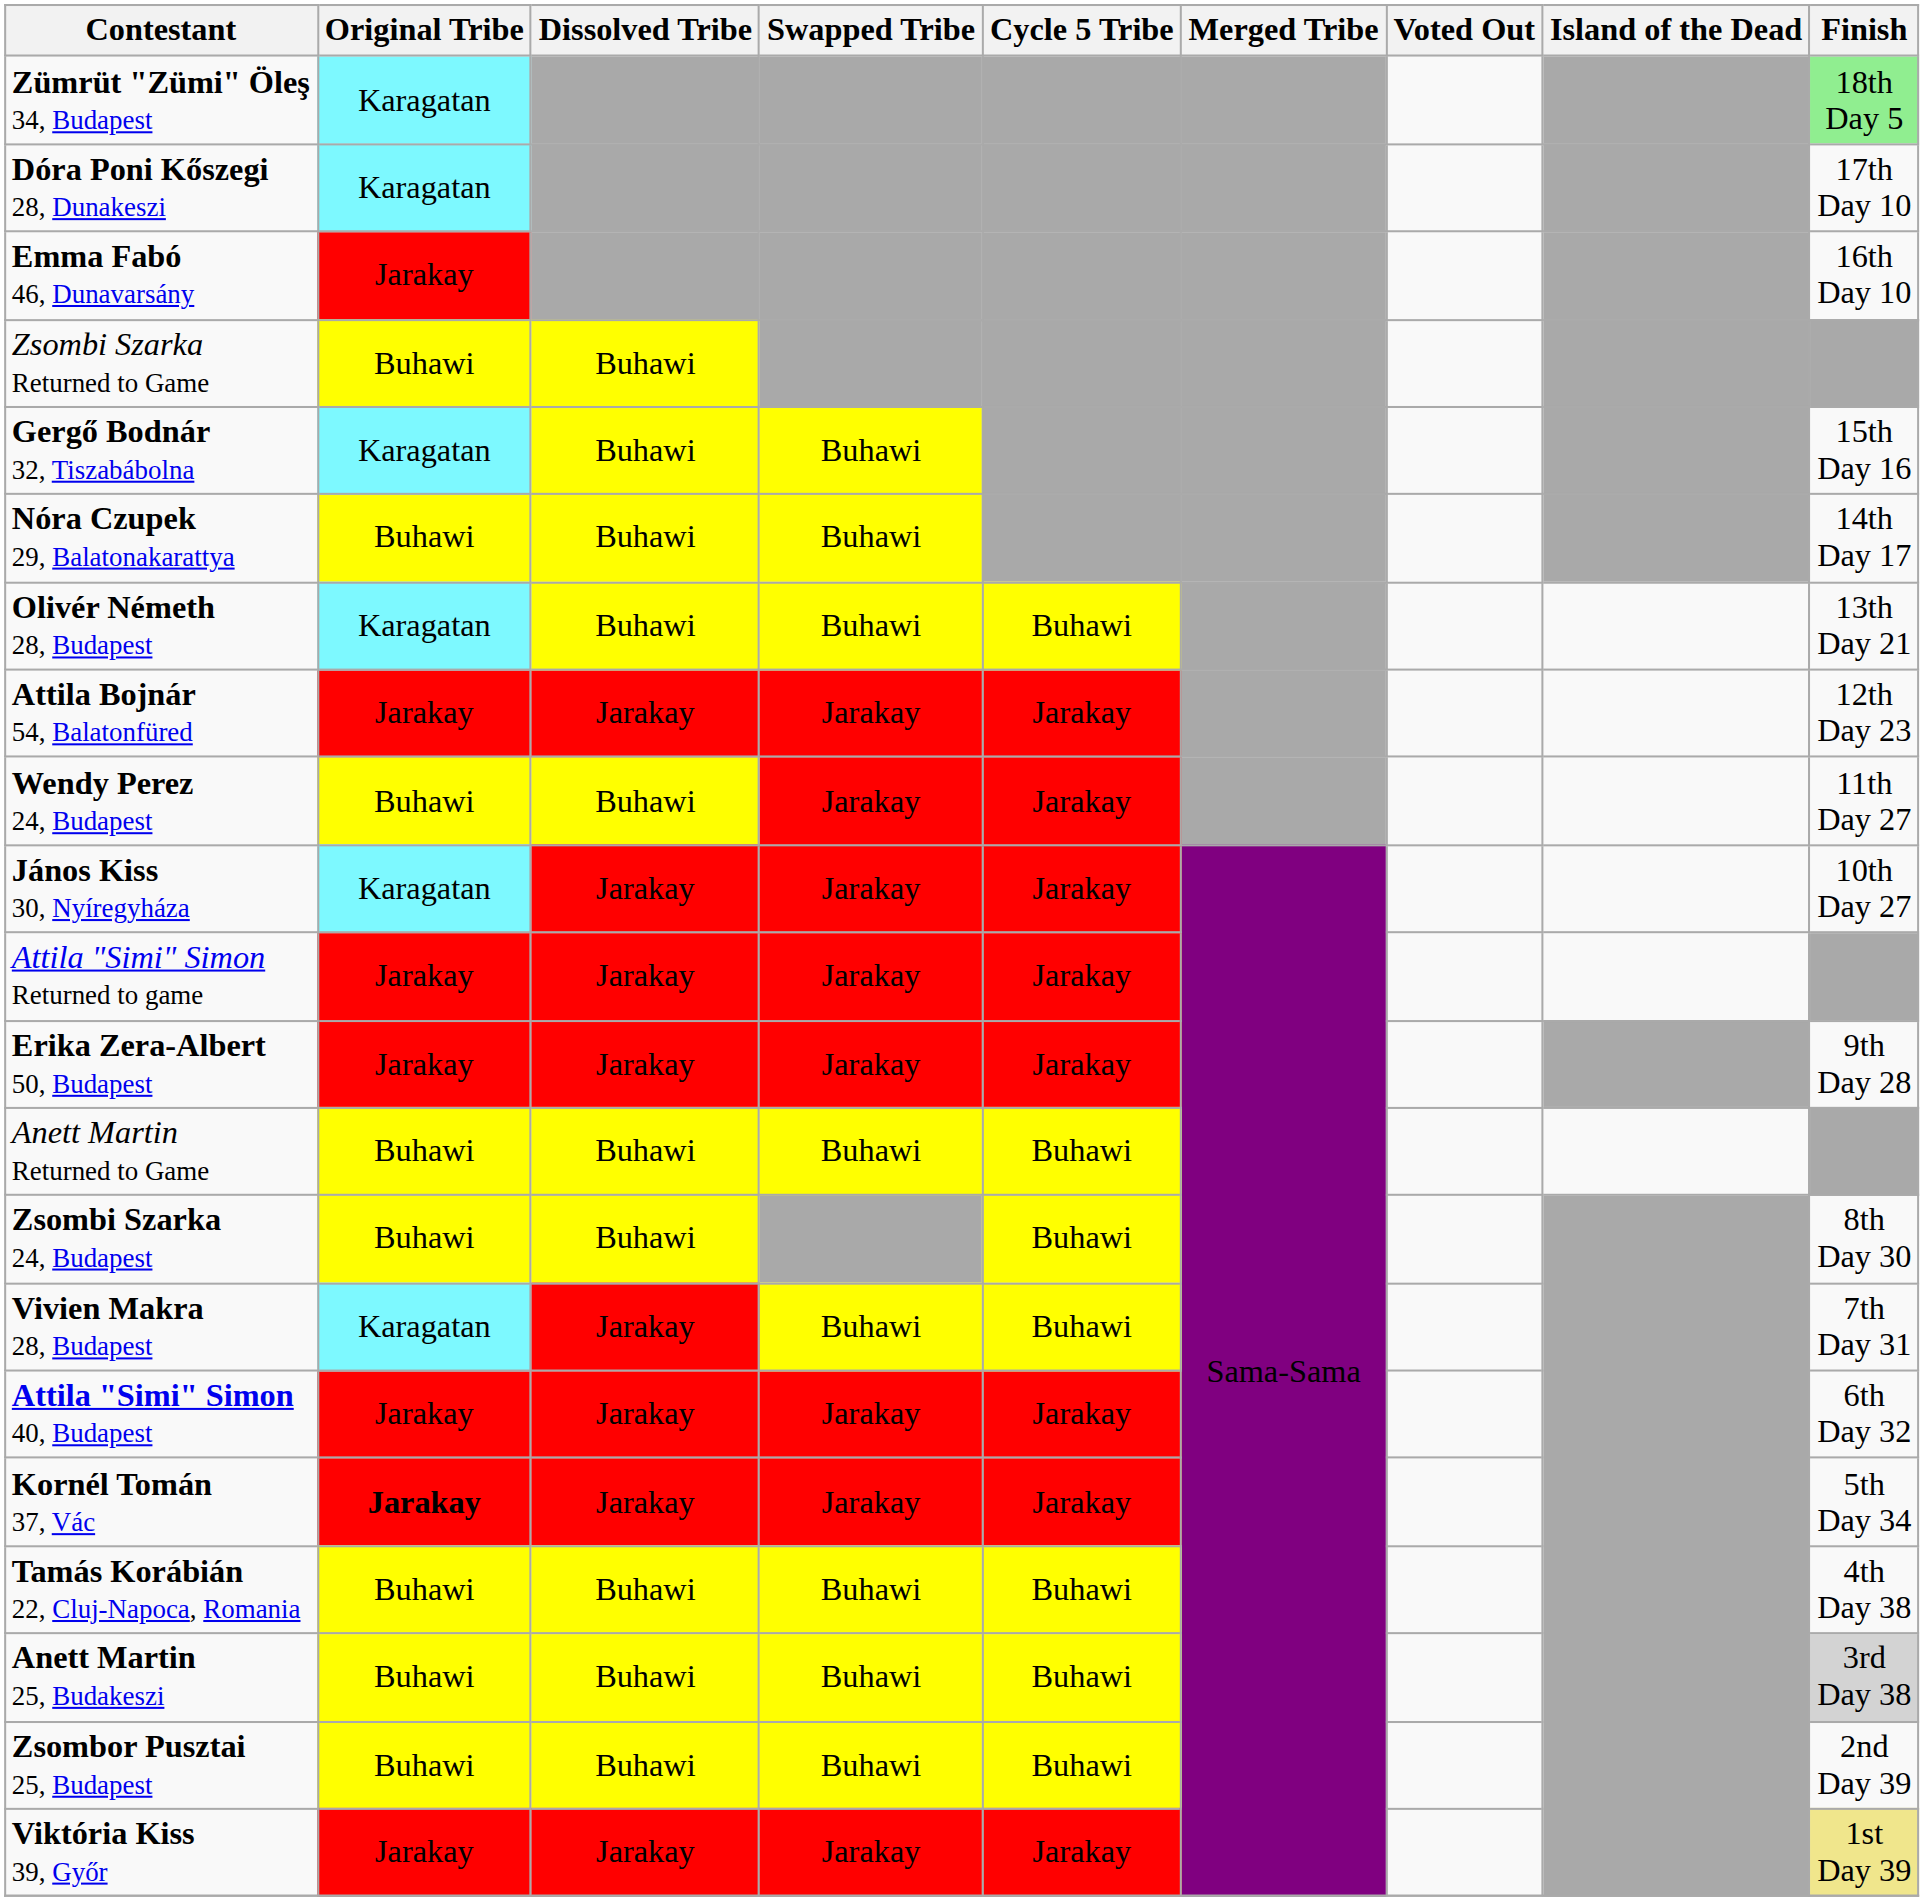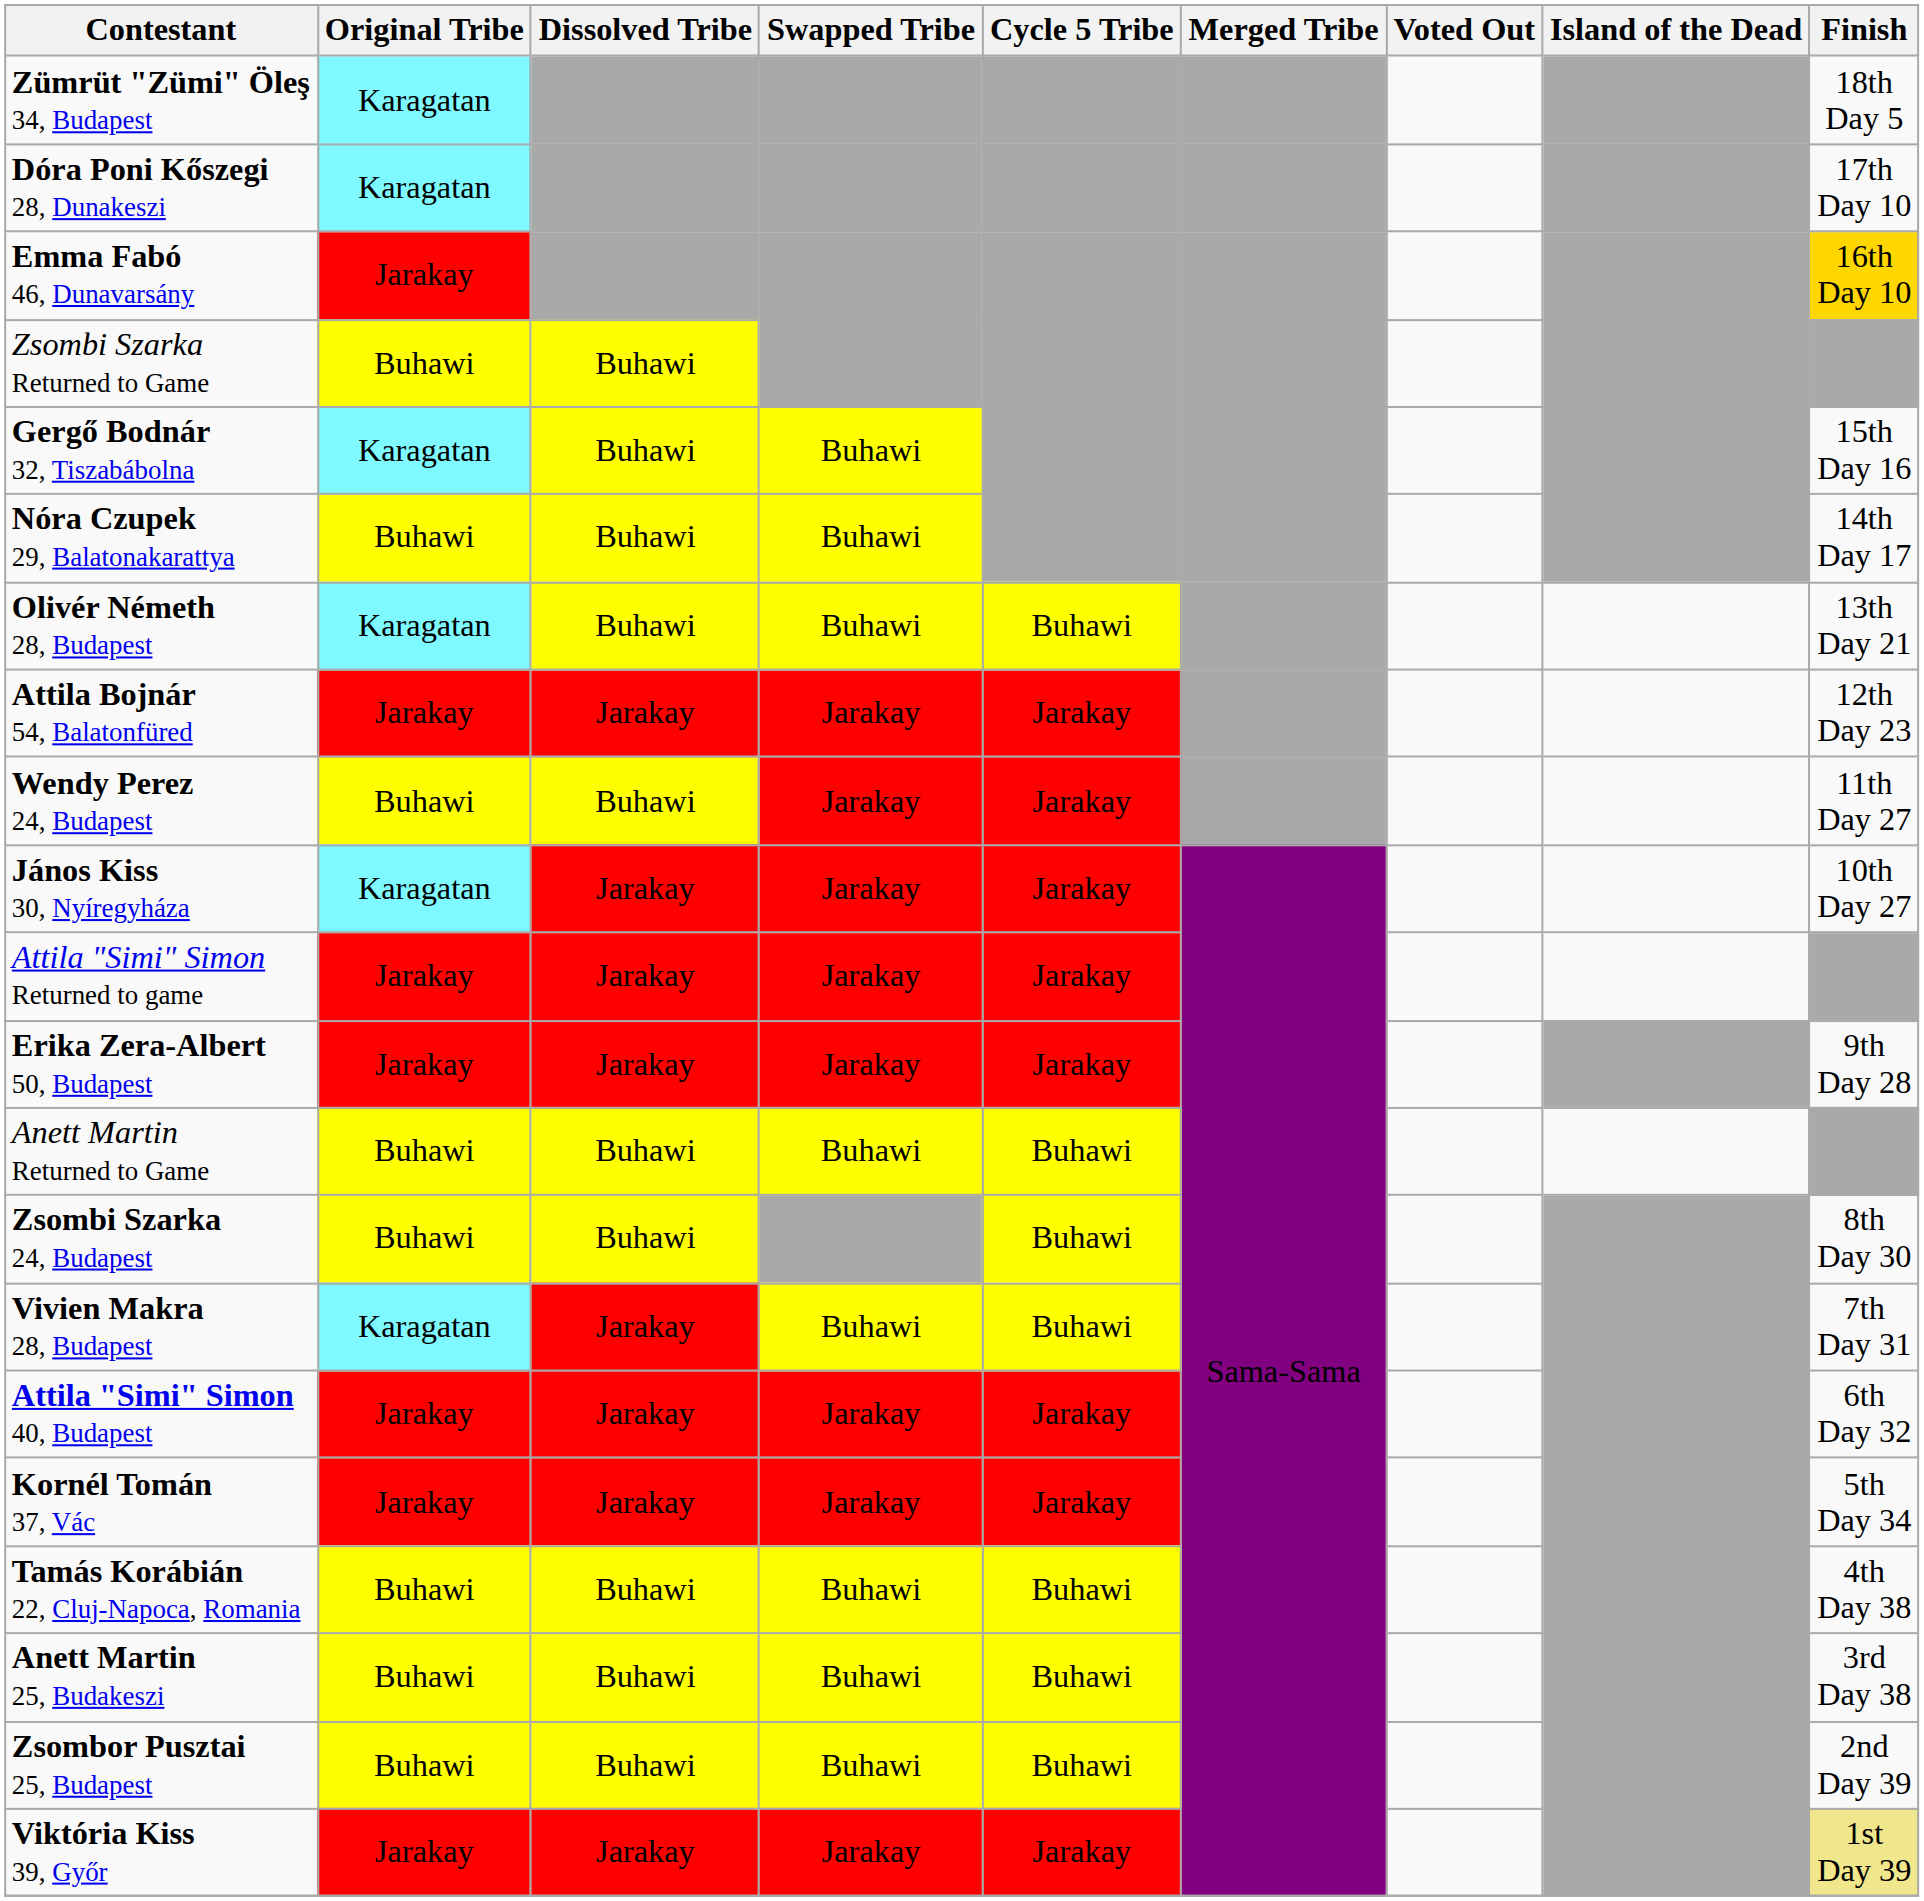 <table class="wikitable sortable" style="margin:auto; text-align:center">
 <tr>
 <th>Contestant</th>
 <th>Original Tribe</th>
 <th>Dissolved Tribe</th>
 <th>Swapped Tribe</th>
 <th>Cycle 5 Tribe</th>
 <th>Merged Tribe</th>
 <th>Voted Out</th>
 <th>Island of the Dead</th>
 <th>Finish</th>
 </tr>
 <tr>
 <td align="left"><strong>Zümrüt "Zümi" Öleş</strong><br><small>34, <a href='#'>Budapest</a></small></td>
 <td bgcolor="#7DF9FF">Karagatan</td>
 <td bgcolor="darkgrey"></td>
 <td bgcolor="darkgrey"></td>
 <td bgcolor="darkgrey"></td>
 <td bgcolor="darkgrey"></td>
 <td></td>
 <td bgcolor="darkgrey"></td>
-<td style="background: lightgreen;">18th<br>Day 5</td>
+<td>18th<br>Day 5</td>
 </tr>
 <tr>
 <td align="left"><strong>Dóra Poni Kőszegi</strong><br><small>28, <a href='#'>Dunakeszi</a></small></td>
 <td bgcolor="#7DF9FF" align=center>Karagatan</td>
 <td bgcolor="darkgrey"></td>
 <td bgcolor="darkgrey"></td>
 <td bgcolor="darkgrey"></td>
 <td bgcolor="darkgrey"></td>
 <td></td>
 <td bgcolor="darkgrey"></td>
 <td>17th<br>Day 10</td>
 </tr>
 <tr>
 <td align="left"><strong>Emma Fabó</strong><br><small>46, <a href='#'>Dunavarsány</a></small></td>
 <td bgcolor="red">Jarakay</td>
 <td bgcolor="darkgrey"></td>
 <td bgcolor="darkgrey"></td>
 <td bgcolor="darkgrey"></td>
 <td bgcolor="darkgrey"></td>
 <td></td>
 <td bgcolor="darkgrey"></td>
-<td>16th<br>Day 10</td>
+<td style="background: gold;">16th<br>Day 10</td>
 </tr>
 <tr>
 <td align="left"><em>Zsombi Szarka</em><br><small>Returned to Game</small></td>
 <td bgcolor="yellow">Buhawi</td>
 <td bgcolor="yellow">Buhawi</td>
 <td bgcolor="darkgrey"></td>
 <td bgcolor="darkgrey"></td>
 <td bgcolor="darkgrey"></td>
 <td></td>
 <td bgcolor="darkgrey"></td>
 <td bgcolor="darkgrey"></td>
 </tr>
 <tr>
 <td align="left"><strong>Gergő Bodnár</strong><br><small>32, <a href='#'>Tiszabábolna</a></small></td>
 <td bgcolor="#7DF9FF">Karagatan</td>
 <td bgcolor="yellow">Buhawi</td>
 <td bgcolor="yellow">Buhawi</td>
 <td bgcolor="darkgrey"></td>
 <td bgcolor="darkgrey"></td>
 <td></td>
 <td bgcolor="darkgrey"></td>
 <td>15th<br>Day 16</td>
 </tr>
 <tr>
 <td align="left"><strong>Nóra Czupek</strong><br><small>29, <a href='#'>Balatonakarattya</a></small></td>
 <td bgcolor="yellow">Buhawi</td>
 <td bgcolor="yellow">Buhawi</td>
 <td bgcolor="yellow">Buhawi</td>
 <td bgcolor="darkgrey"></td>
 <td bgcolor="darkgrey"></td>
 <td></td>
 <td bgcolor="darkgrey"></td>
 <td>14th<br>Day 17</td>
 </tr>
 <tr>
 <td align="left"><strong>Olivér Németh</strong><br><small>28, <a href='#'>Budapest</a></small></td>
 <td bgcolor="#7DF9FF">Karagatan</td>
 <td bgcolor="yellow">Buhawi</td>
 <td bgcolor="yellow">Buhawi</td>
 <td bgcolor="yellow">Buhawi</td>
 <td bgcolor="darkgrey"></td>
 <td></td>
 <td></td>
 <td>13th<br>Day 21</td>
 </tr>
 <tr>
 <td align="left"><strong>Attila Bojnár</strong><br><small>54, <a href='#'>Balatonfüred</a></small></td>
 <td bgcolor="red">Jarakay</td>
 <td bgcolor="red">Jarakay</td>
 <td bgcolor="red">Jarakay</td>
 <td bgcolor="red">Jarakay</td>
 <td bgcolor="darkgrey"></td>
 <td></td>
 <td></td>
 <td>12th<br>Day 23</td>
 </tr>
 <tr>
 <td align="left"><strong>Wendy Perez</strong><br><small>24, <a href='#'>Budapest</a></small></td>
 <td bgcolor="yellow">Buhawi</td>
 <td bgcolor="yellow">Buhawi</td>
 <td bgcolor="red">Jarakay</td>
 <td bgcolor="red">Jarakay</td>
 <td bgcolor="darkgrey"></td>
 <td></td>
 <td></td>
 <td>11th<br>Day 27</td>
 </tr>
 <tr>
 <td align="left"><strong>János Kiss</strong><br><small>30, <a href='#'>Nyíregyháza</a></small></td>
 <td bgcolor="#7DF9FF">Karagatan</td>
 <td bgcolor="red">Jarakay</td>
 <td bgcolor="red">Jarakay</td>
 <td bgcolor="red">Jarakay</td>
 <td rowspan="12" bgcolor="purple" >Sama-Sama</td>
 <td></td>
 <td></td>
 <td>10th<br>Day 27</td>
 </tr>
 <tr>
 <td align="left"><em><a href='#'>Attila "Simi" Simon</a></em><br><small>Returned to game</small></td>
 <td bgcolor="red">Jarakay</td>
 <td bgcolor="red">Jarakay</td>
 <td bgcolor="red">Jarakay</td>
 <td bgcolor="red">Jarakay</td>
 <td></td>
 <td></td>
 <td bgcolor="darkgrey"></td>
 </tr>
 <tr>
 <td align="left"><strong>Erika Zera-Albert</strong><br><small>50, <a href='#'>Budapest</a></small></td>
 <td bgcolor="red">Jarakay</td>
 <td bgcolor="red">Jarakay</td>
 <td bgcolor="red">Jarakay</td>
 <td bgcolor="red">Jarakay</td>
 <td></td>
 <td bgcolor="darkgrey"></td>
 <td>9th<br>Day 28</td>
 </tr>
 <tr>
 <td align="left"><em>Anett Martin</em><br><small>Returned to Game</small></td>
 <td bgcolor="yellow">Buhawi</td>
 <td bgcolor="yellow">Buhawi</td>
 <td bgcolor="yellow">Buhawi</td>
 <td bgcolor="yellow">Buhawi</td>
 <td></td>
 <td></td>
 <td bgcolor="darkgrey"></td>
 </tr>
 <tr>
 <td align="left"><strong>Zsombi Szarka</strong><br><small>24, <a href='#'>Budapest</a></small></td>
 <td bgcolor="yellow">Buhawi</td>
 <td bgcolor="yellow">Buhawi</td>
 <td bgcolor="darkgrey"></td>
 <td bgcolor="yellow">Buhawi</td>
 <td></td>
 <td rowspan="8" bgcolor="darkgrey"></td>
 <td>8th<br>Day 30</td>
 </tr>
 <tr>
 <td align="left"><strong>Vivien Makra</strong><br><small>28, <a href='#'>Budapest</a></small></td>
 <td bgcolor="#7DF9FF">Karagatan</td>
 <td bgcolor="red">Jarakay</td>
 <td bgcolor="yellow">Buhawi</td>
 <td bgcolor="yellow">Buhawi</td>
 <td></td>
 <td>7th<br>Day 31</td>
 </tr>
 <tr>
 <td align="left"><strong><a href='#'>Attila "Simi" Simon</a></strong><br><small>40, <a href='#'>Budapest</a></small></td>
 <td bgcolor="red">Jarakay</td>
 <td bgcolor="red">Jarakay</td>
 <td bgcolor="red">Jarakay</td>
 <td bgcolor="red">Jarakay</td>
 <td></td>
 <td>6th<br>Day 32</td>
 </tr>
 <tr>
 <td align="left"><strong>Kornél Tomán</strong><br><small>37, <a href='#'>Vác</a></small></td>
-<td bgcolor="red"><strong>Jarakay</strong></td>
+<td bgcolor="red">Jarakay</td>
 <td bgcolor="red">Jarakay</td>
 <td bgcolor="red">Jarakay</td>
 <td bgcolor="red">Jarakay</td>
 <td></td>
 <td>5th<br>Day 34</td>
 </tr>
 <tr>
 <td align="left"><strong>Tamás Korábián</strong><br><small>22, <a href='#'>Cluj-Napoca</a>, <a href='#'>Romania</a></small></td>
 <td bgcolor="yellow">Buhawi</td>
 <td bgcolor="yellow">Buhawi</td>
 <td bgcolor="yellow">Buhawi</td>
 <td bgcolor="yellow">Buhawi</td>
 <td></td>
 <td>4th<br>Day 38</td>
 </tr>
 <tr>
 <td align="left"><strong>Anett Martin</strong><br><small>25, <a href='#'>Budakeszi</a></small></td>
 <td bgcolor="yellow">Buhawi</td>
 <td bgcolor="yellow">Buhawi</td>
 <td bgcolor="yellow">Buhawi</td>
 <td bgcolor="yellow">Buhawi</td>
 <td></td>
-<td style="background: lightgrey;">3rd<br>Day 38</td>
+<td>3rd<br>Day 38</td>
 </tr>
 <tr>
 <td align="left"><strong>Zsombor Pusztai</strong><br><small>25, <a href='#'>Budapest</a></small></td>
 <td bgcolor="yellow">Buhawi</td>
 <td bgcolor="yellow">Buhawi</td>
 <td bgcolor="yellow">Buhawi</td>
 <td bgcolor="yellow">Buhawi</td>
 <td></td>
 <td>2nd<br>Day 39</td>
 </tr>
 <tr>
 <td align="left"><strong>Viktória Kiss</strong><br><small>39, <a href='#'>Győr</a></small></td>
 <td bgcolor="red">Jarakay</td>
 <td bgcolor="red">Jarakay</td>
 <td bgcolor="red">Jarakay</td>
 <td bgcolor="red">Jarakay</td>
 <td></td>
 <td style="background: khaki;">1st<br>Day 39</td>
 </tr>
 <tr>
 </tr>
 </table>
